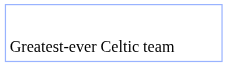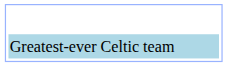 <table style="float: right; margin-left: 1em; margin-bottom: 0.5em; width: 180px; border: #99B3FF solid 1px">
 <tr>
 <td><div><br>            </div></td>
 </tr>
 <tr>
-<td><small>Greatest-ever Celtic team</small></td>
+<td style="background: lightblue;"><small>Greatest-ever Celtic team</small></td>
 </tr>
 </table>
